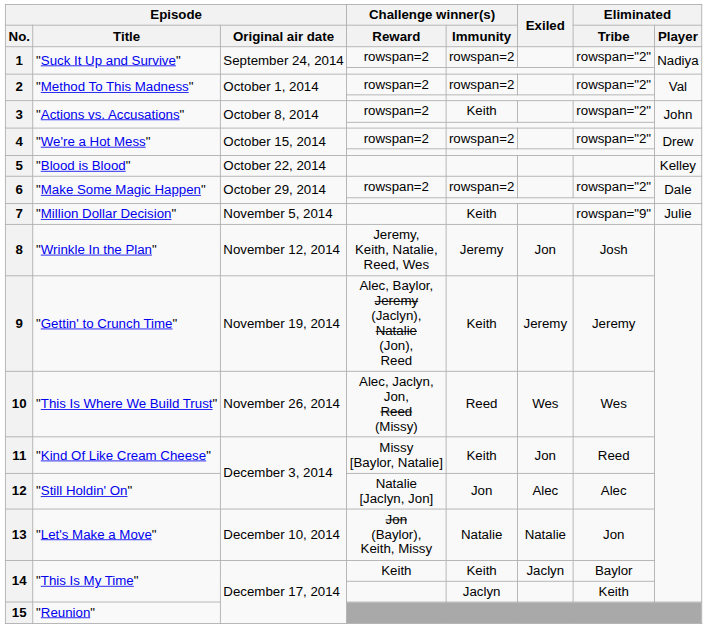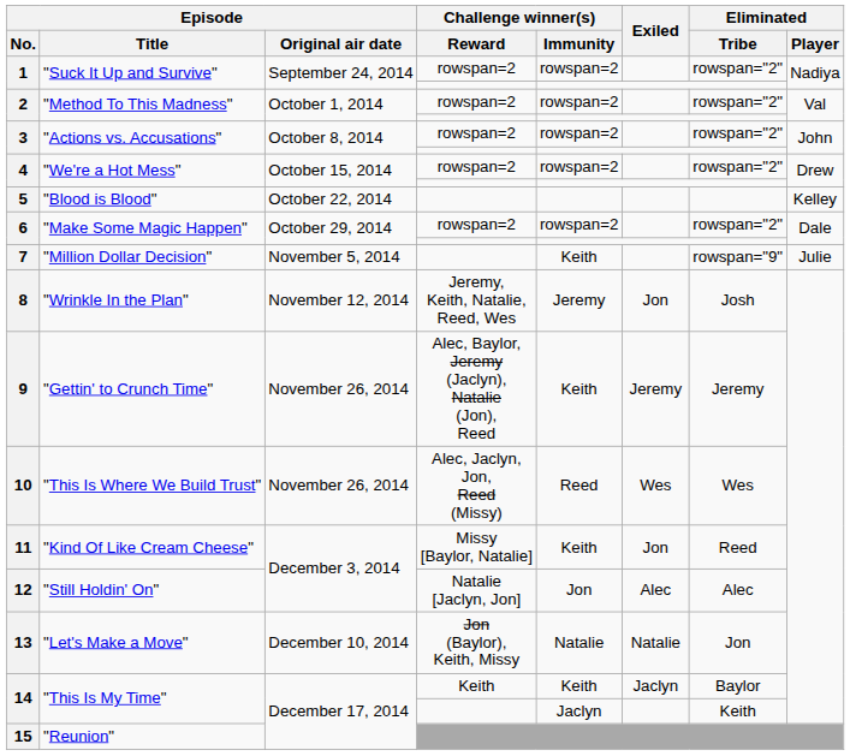 <table class="wikitable" style="margin:auto; text-align:center">
 <tr>
 <th colspan=3>Episode</th>
 <th colspan=2>Challenge winner(s)</th>
 <th rowspan=2 width="60">Exiled</th>
 <th colspan="2">Eliminated</th>
 </tr>
 <tr>
 <th>No.</th>
 <th>Title</th>
 <th>Original air date</th>
 <th>Reward</th>
 <th>Immunity</th>
 <th>Tribe</th>
 <th>Player</th>
 </tr>
 <tr>
 <th rowspan=2>1</th>
 <td rowspan=2 align="left">"<a href='#'>Suck It Up and Survive</a>"</td>
 <td rowspan=2 align="left">September 24, 2014</td>
 <td>rowspan=2 </td>
 <td>rowspan=2 </td>
 <td></td>
 <td>rowspan="2" </td>
 <td rowspan=2>Nadiya</td>
 </tr>
 <tr>
 <td></td>
 </tr>
 <tr>
 <th rowspan=2>2</th>
 <td rowspan=2 align="left">"<a href='#'>Method To This Madness</a>"</td>
 <td rowspan=2 align="left">October 1, 2014</td>
 <td>rowspan=2 </td>
 <td>rowspan=2 </td>
 <td></td>
 <td>rowspan="2" </td>
 <td rowspan=2>Val</td>
 </tr>
 <tr>
 <td></td>
 </tr>
 <tr>
 <th rowspan=2>3</th>
 <td rowspan=2 align="left">"<a href='#'>Actions vs. Accusations</a>"</td>
 <td rowspan=2 align="left">October 8, 2014</td>
 <td>rowspan=2 </td>
-<td>Keith</td>
+<td>rowspan=2 </td>
 <td></td>
 <td>rowspan="2" </td>
 <td rowspan=2>John</td>
 </tr>
 <tr>
 <td></td>
 </tr>
 <tr>
 <th rowspan=2>4</th>
 <td rowspan=2 align="left">"<a href='#'>We're a Hot Mess</a>"</td>
 <td rowspan=2 align="left">October 15, 2014</td>
 <td>rowspan=2 </td>
 <td>rowspan=2 </td>
 <td></td>
 <td>rowspan="2" </td>
 <td rowspan=2>Drew</td>
 </tr>
 <tr>
 <td></td>
 </tr>
 <tr>
 <th>5</th>
 <td align="left">"<a href='#'>Blood is Blood</a>"</td>
 <td align="left">October 22, 2014</td>
 <td></td>
 <td></td>
 <td></td>
 <td></td>
 <td>Kelley</td>
 </tr>
 <tr>
 <th rowspan=2>6</th>
 <td rowspan=2 align="left">"<a href='#'>Make Some Magic Happen</a>"</td>
 <td rowspan=2 align="left">October 29, 2014</td>
 <td>rowspan=2 </td>
 <td>rowspan=2 </td>
 <td></td>
 <td>rowspan="2" </td>
 <td rowspan=2>Dale</td>
 </tr>
 <tr>
 <td></td>
 </tr>
 <tr>
 <th>7</th>
 <td align="left">"<a href='#'>Million Dollar Decision</a>"</td>
 <td align="left">November 5, 2014</td>
 <td></td>
 <td>Keith</td>
 <td></td>
 <td>rowspan="9" </td>
 <td>Julie</td>
 </tr>
 <tr>
 <th>8</th>
 <td align="left">"<a href='#'>Wrinkle In the Plan</a>"</td>
 <td align="left">November 12, 2014</td>
 <td>Jeremy,<br>Keith, Natalie,<br>Reed, Wes</td>
 <td>Jeremy</td>
 <td>Jon</td>
 <td>Josh</td>
 </tr>
 <tr>
 <th>9</th>
 <td align="left">"<a href='#'>Gettin' to Crunch Time</a>"</td>
-<td align="left">November 19, 2014</td>
+<td align="left">November 26, 2014</td>
 <td>Alec, Baylor,<br><s>Jeremy</s><br>(Jaclyn),<br><s>Natalie</s><br>(Jon),<br>Reed</td>
 <td>Keith</td>
 <td>Jeremy</td>
 <td>Jeremy</td>
 </tr>
 <tr>
 <th>10</th>
 <td align="left">"<a href='#'>This Is Where We Build Trust</a>"</td>
 <td align="left">November 26, 2014</td>
 <td>Alec, Jaclyn,<br>Jon,<br><s>Reed</s><br>(Missy)</td>
 <td>Reed</td>
 <td>Wes</td>
 <td>Wes</td>
 </tr>
 <tr>
 <th>11</th>
 <td align="left">"<a href='#'>Kind Of Like Cream Cheese</a>"</td>
 <td align="left" rowspan="2">December 3, 2014</td>
 <td>Missy<br>[Baylor, Natalie]</td>
 <td>Keith</td>
 <td>Jon</td>
 <td>Reed</td>
 </tr>
 <tr>
 <th>12</th>
 <td align="left">"<a href='#'>Still Holdin' On</a>"</td>
 <td>Natalie<br>[Jaclyn, Jon]</td>
 <td>Jon</td>
 <td>Alec</td>
 <td>Alec</td>
 </tr>
 <tr>
 <th>13</th>
 <td align="left">"<a href='#'>Let's Make a Move</a>"</td>
 <td align="left">December 10, 2014</td>
 <td><s>Jon</s><br>(Baylor),<br>Keith, Missy</td>
 <td>Natalie</td>
 <td>Natalie</td>
 <td>Jon</td>
 </tr>
 <tr>
 <th rowspan=2>14</th>
 <td rowspan=2 align="left">"<a href='#'>This Is My Time</a>"</td>
 <td rowspan="3" align="left">December 17, 2014</td>
 <td>Keith</td>
 <td>Keith</td>
 <td>Jaclyn</td>
 <td>Baylor</td>
 </tr>
 <tr>
 <td></td>
 <td>Jaclyn</td>
 <td></td>
 <td>Keith</td>
 </tr>
 <tr>
 <th>15</th>
 <td align="left">"<a href='#'>Reunion</a>"</td>
 <td colspan="5" bgcolor="A9A9A9"></td>
 </tr>
 </table>
